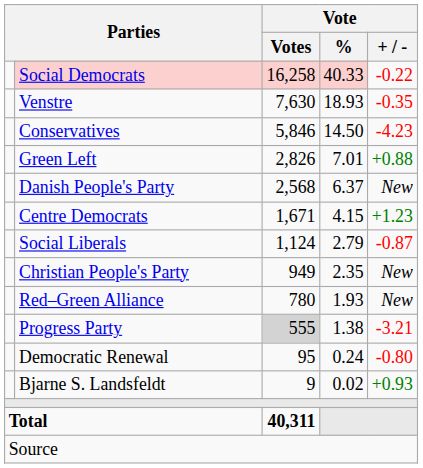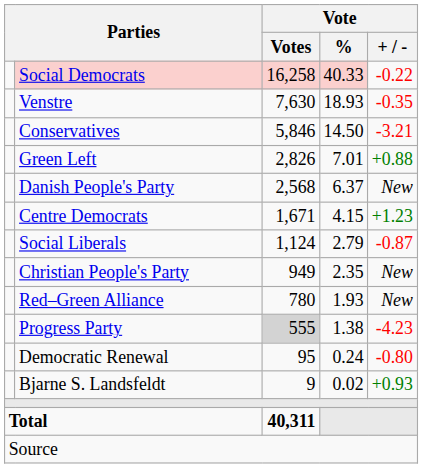 <table class="wikitable" style="text-align:right;">
 <tr>
 <th style="text-align:centre;" rowspan="2" colspan="2" width="225">Parties</th>
 <th colspan="3">Vote</th>
 </tr>
 <tr>
 <th width="15">Votes</th>
 <th width="15">%</th>
 <th width="15">+ / -</th>
 </tr>
 <tr>
 <td width="2" style="color:inherit;background:"></td>
 <td bgcolor=#fbd0ce  align="left"><a href='#'>Social Democrats</a></td>
 <td bgcolor=#fbd0ce>16,258</td>
 <td bgcolor=#fbd0ce>40.33</td>
 <td style=color:red;>-0.22</td>
 </tr>
 <tr>
 <td width="2" style="color:inherit;background:"></td>
 <td align="left"><a href='#'>Venstre</a></td>
 <td>7,630</td>
 <td>18.93</td>
 <td style=color:red;>-0.35</td>
 </tr>
 <tr>
 <td width="2" style="color:inherit;background:"></td>
 <td align="left"><a href='#'>Conservatives</a></td>
 <td>5,846</td>
 <td>14.50</td>
-<td style=color:red;>-4.23</td>
+<td style=color:red;>-3.21</td>
 </tr>
 <tr>
 <td width="2" style="color:inherit;background:"></td>
 <td align="left"><a href='#'>Green Left</a></td>
 <td>2,826</td>
 <td>7.01</td>
 <td style=color:green;>+0.88</td>
 </tr>
 <tr>
 <td width="2" style="color:inherit;background:"></td>
 <td align="left"><a href='#'>Danish People's Party</a></td>
 <td>2,568</td>
 <td>6.37</td>
 <td><em>New</em></td>
 </tr>
 <tr>
 <td width="2" style="color:inherit;background:"></td>
 <td align="left"><a href='#'>Centre Democrats</a></td>
 <td>1,671</td>
 <td>4.15</td>
 <td style=color:green;>+1.23</td>
 </tr>
 <tr>
 <td width="2" style="color:inherit;background:"></td>
 <td align="left"><a href='#'>Social Liberals</a></td>
 <td>1,124</td>
 <td>2.79</td>
 <td style=color:red;>-0.87</td>
 </tr>
 <tr>
 <td width="2" style="color:inherit;background:"></td>
 <td align="left"><a href='#'>Christian People's Party</a></td>
 <td>949</td>
 <td>2.35</td>
 <td><em>New</em></td>
 </tr>
 <tr>
 <td width="2" style="color:inherit;background:"></td>
 <td align="left"><a href='#'>Red–Green Alliance</a></td>
 <td>780</td>
 <td>1.93</td>
 <td><em>New</em></td>
 </tr>
 <tr>
 <td width="2" style="color:inherit;background:"></td>
 <td align="left"><a href='#'>Progress Party</a></td>
 <td style="background: lightgrey;">555</td>
 <td>1.38</td>
-<td style=color:red;>-3.21</td>
+<td style=color:red;>-4.23</td>
 </tr>
 <tr>
 <td width="2" style="color:inherit;background:"></td>
 <td align="left">Democratic Renewal</td>
 <td>95</td>
 <td>0.24</td>
 <td style=color:red;>-0.80</td>
 </tr>
 <tr>
 <td width="2" style="color:inherit;background:"></td>
 <td align="left">Bjarne S. Landsfeldt</td>
 <td>9</td>
 <td>0.02</td>
 <td style=color:green;>+0.93</td>
 </tr>
 <tr>
 <td colspan="7" bgcolor="#E9E9E9"></td>
 </tr>
 <tr>
 <td align="left" colspan="2"><strong>Total</strong></td>
 <td><strong>40,311</strong></td>
 <td bgcolor="#E9E9E9" colspan="2"></td>
 </tr>
 <tr>
 <td align="left" colspan="6">Source</td>
 </tr>
 </table>
